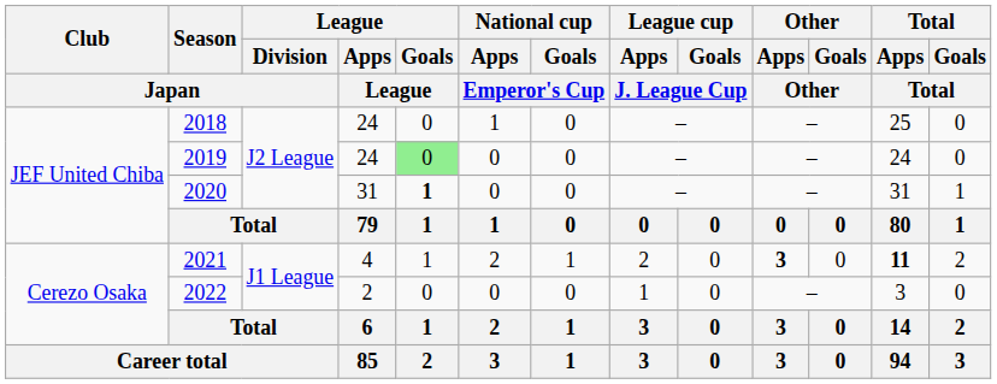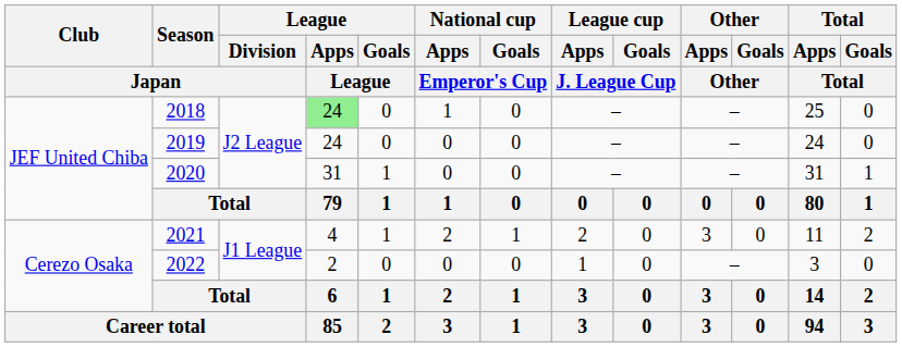 <table class="wikitable" style="text-align:center">
 <tr>
 <th rowspan=2>Club</th>
 <th rowspan=2>Season</th>
 <th colspan=3>League</th>
 <th colspan=2>National cup</th>
 <th colspan=2>League cup</th>
 <th colspan=2>Other</th>
 <th colspan=2>Total</th>
 </tr>
 <tr>
 <th>Division</th>
 <th>Apps</th>
 <th>Goals</th>
 <th>Apps</th>
 <th>Goals</th>
 <th>Apps</th>
 <th>Goals</th>
 <th>Apps</th>
 <th>Goals</th>
 <th>Apps</th>
 <th>Goals</th>
 </tr>
 <tr>
 <th colspan=3>Japan</th>
 <th colspan=2>League</th>
 <th colspan=2><a href='#'>Emperor's Cup</a></th>
 <th colspan=2><a href='#'>J. League Cup</a></th>
 <th colspan=2>Other</th>
 <th colspan=2>Total</th>
 </tr>
 <tr>
 <td rowspan="4"><a href='#'>JEF United Chiba</a></td>
 <td><a href='#'>2018</a></td>
 <td rowspan="3"><a href='#'>J2 League</a></td>
-<td>24</td>
+<td style="background: lightgreen;">24</td>
 <td>0</td>
 <td>1</td>
 <td>0</td>
 <td colspan="2">–</td>
 <td colspan="2">–</td>
 <td>25</td>
 <td>0</td>
 </tr>
 <tr>
 <td><a href='#'>2019</a></td>
 <td>24</td>
-<td style="background: lightgreen;">0</td>
+<td>0</td>
 <td>0</td>
 <td>0</td>
 <td colspan="2">–</td>
 <td colspan="2">–</td>
 <td>24</td>
 <td>0</td>
 </tr>
 <tr>
 <td><a href='#'>2020</a></td>
 <td>31</td>
-<td><strong>1</strong></td>
+<td>1</td>
 <td>0</td>
 <td>0</td>
 <td colspan="2">–</td>
 <td colspan="2">–</td>
 <td>31</td>
 <td>1</td>
 </tr>
 <tr>
 <th colspan="2">Total</th>
 <th>79</th>
 <th>1</th>
 <th>1</th>
 <th>0</th>
 <th>0</th>
 <th>0</th>
 <th>0</th>
 <th>0</th>
 <th>80</th>
 <th>1</th>
 </tr>
 <tr>
 <td rowspan="3"><a href='#'>Cerezo Osaka</a></td>
 <td><a href='#'>2021</a></td>
 <td rowspan="2"><a href='#'>J1 League</a></td>
 <td>4</td>
 <td>1</td>
 <td>2</td>
 <td>1</td>
 <td>2</td>
 <td>0</td>
-<td><strong>3</strong></td>
+<td>3</td>
 <td>0</td>
-<td><strong>11</strong></td>
+<td>11</td>
 <td>2</td>
 </tr>
 <tr>
 <td><a href='#'>2022</a></td>
 <td>2</td>
 <td>0</td>
 <td>0</td>
 <td>0</td>
 <td>1</td>
 <td>0</td>
 <td colspan="2">–</td>
 <td>3</td>
 <td>0</td>
 </tr>
 <tr>
 <th colspan="2">Total</th>
 <th>6</th>
 <th>1</th>
 <th>2</th>
 <th>1</th>
 <th>3</th>
 <th>0</th>
 <th>3</th>
 <th>0</th>
 <th>14</th>
 <th>2</th>
 </tr>
 <tr>
 <th colspan=3>Career total</th>
 <th>85</th>
 <th>2</th>
 <th>3</th>
 <th>1</th>
 <th>3</th>
 <th>0</th>
 <th>3</th>
 <th>0</th>
 <th>94</th>
 <th>3</th>
 </tr>
 </table>
